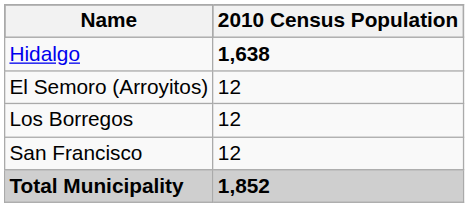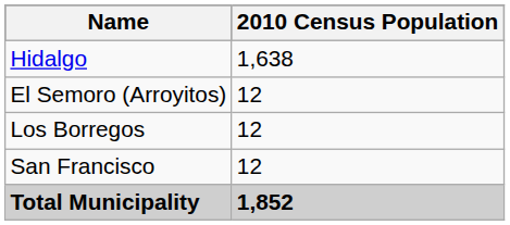 <table class="wikitable">
 <tr style="background:#000000; color:black;">
 <th><strong>Name</strong></th>
 <th><strong>2010 Census Population</strong></th>
 </tr>
 <tr>
 <td><a href='#'>Hidalgo</a></td>
-<td><strong>1,638</strong></td>
+<td>1,638</td>
 </tr>
 <tr>
 <td>El Semoro (Arroyitos)</td>
 <td>12</td>
 </tr>
 <tr>
 <td>Los Borregos</td>
 <td>12</td>
 </tr>
 <tr>
 <td>San Francisco</td>
 <td>12</td>
 </tr>
 <tr style="background:#CFCFCF;">
 <td><strong>Total Municipality</strong></td>
 <td><strong>1,852</strong></td>
 </tr>
 </table>
